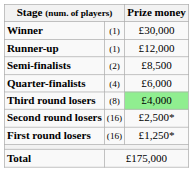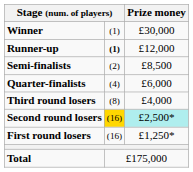 <table class="wikitable">
 <tr>
 <th colspan="2">Stage <small>(num. of players)</small></th>
 <th>Prize money</th>
 </tr>
 <tr>
 <td><strong>Winner</strong></td>
 <td align="center"><small>(1)</small></td>
 <td align="center">£30,000</td>
 </tr>
 <tr>
 <td><strong>Runner-up</strong></td>
-<td align="center"><small>(1)</small></td>
+<td align="center"><strong><small>(1)</small></strong></td>
 <td align="center">£12,000</td>
 </tr>
 <tr>
 <td><strong>Semi-finalists</strong></td>
 <td align="center"><small>(2)</small></td>
 <td align="center">£8,500</td>
 </tr>
 <tr>
 <td><strong>Quarter-finalists</strong></td>
 <td align="center"><small>(4)</small></td>
 <td align="center">£6,000</td>
 </tr>
 <tr>
 <td><strong>Third round losers</strong></td>
 <td align="center"><small>(8)</small></td>
-<td align="center" style="background: lightgreen;">£4,000</td>
+<td align="center">£4,000</td>
 </tr>
 <tr>
 <td><strong>Second round losers</strong></td>
-<td align="center"><small>(16)</small></td>
-<td align="center">£2,500*</td>
+<td align="center" style="background: gold;"><small>(16)</small></td>
+<td align="center" style="background: paleturquoise;">£2,500*</td>
 </tr>
 <tr>
 <td><strong>First round losers</strong></td>
 <td align="center"><small>(16)</small></td>
 <td align="center">£1,250*</td>
 </tr>
 <tr>
 <th colspan="3"></th>
 </tr>
 <tr>
 <td><strong>Total</strong></td>
 <td colspan="2" align="center">£175,000</td>
 </tr>
 </table>
